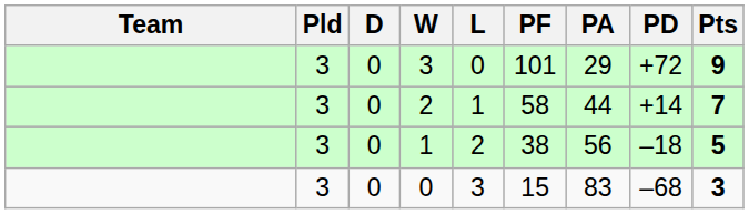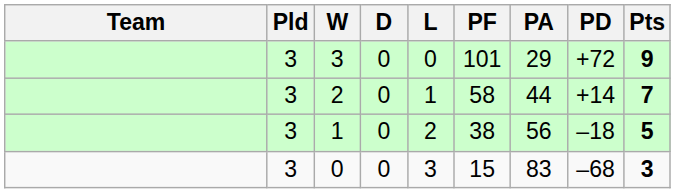 <table class="wikitable" style="text-align:center;">
 <tr>
 <th width=175>Team</th>
 <th width=25 abbr="Played">Pld</th>
+<th width=25 abbr="Won">W</th>
 <th width=25 abbr="Drawn">D</th>
-<th width=25 abbr="Won">W</th>
 <th width=25 abbr="Lost">L</th>
 <th width=32 abbr="Points for">PF</th>
 <th width=32 abbr="Points against">PA</th>
 <th width=32 abbr="Points difference">PD</th>
 <th width=25 abbr="Points">Pts</th>
 </tr>
 <tr bgcolor=ccffcc>
 <td align=left></td>
 <td>3</td>
+<td>3</td>
 <td>0</td>
-<td>3</td>
 <td>0</td>
 <td>101</td>
 <td>29</td>
 <td>+72</td>
 <td><strong>9</strong></td>
 </tr>
 <tr bgcolor=ccffcc>
 <td align=left></td>
 <td>3</td>
+<td>2</td>
 <td>0</td>
-<td>2</td>
 <td>1</td>
 <td>58</td>
 <td>44</td>
 <td>+14</td>
 <td><strong>7</strong></td>
 </tr>
 <tr bgcolor=ccffcc>
 <td align=left></td>
 <td>3</td>
+<td>1</td>
 <td>0</td>
-<td>1</td>
 <td>2</td>
 <td>38</td>
 <td>56</td>
 <td>–18</td>
 <td><strong>5</strong></td>
 </tr>
 <tr>
 <td align=left></td>
 <td>3</td>
 <td>0</td>
 <td>0</td>
 <td>3</td>
 <td>15</td>
 <td>83</td>
 <td>–68</td>
 <td><strong>3</strong></td>
 </tr>
 </table>
